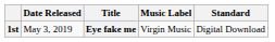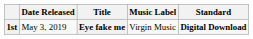 <table class="wikitable" style="font-size: small;">
 <tr>
 <th></th>
 <th>Date Released</th>
 <th>Title</th>
 <th>Music Label</th>
 <th>Standard</th>
 </tr>
 <tr>
 <th rowspan="4">1st</th>
 <td rowspan="4">May 3, 2019</td>
 <th rowspan="4">Eye fake me</th>
 <td rowspan="4">Virgin Music</td>
-<td>Digital Download</td>
+<td><strong>Digital Download</strong></td>
 </tr>
 </table>
